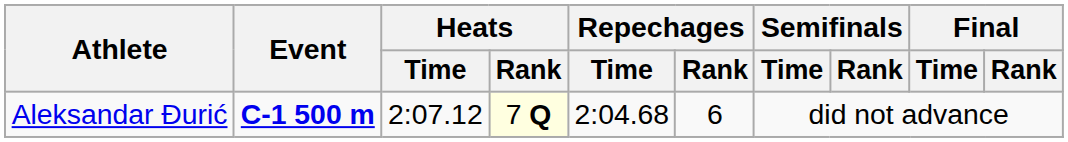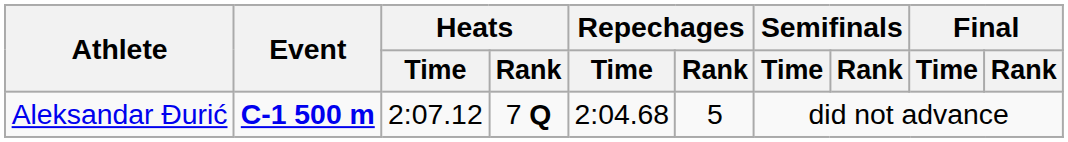 <table class="wikitable" style="font-size:90%">
 <tr>
 <th rowspan=2>Athlete</th>
 <th rowspan=2>Event</th>
 <th colspan=2>Heats</th>
 <th colspan=2>Repechages</th>
 <th colspan=2>Semifinals</th>
 <th colspan=2>Final</th>
 </tr>
 <tr style="font-size:95%">
 <th>Time</th>
 <th>Rank</th>
 <th>Time</th>
 <th>Rank</th>
 <th>Time</th>
 <th>Rank</th>
 <th>Time</th>
 <th>Rank</th>
 </tr>
 <tr align=center>
 <td align=left><a href='#'>Aleksandar Đurić</a></td>
 <td align=left><strong><a href='#'>C-1 500 m</a></strong></td>
 <td>2:07.12</td>
-<td style="background: lightyellow;">7 <strong>Q</strong></td>
+<td>7 <strong>Q</strong></td>
 <td>2:04.68</td>
-<td>6</td>
+<td>5</td>
 <td colspan=4>did not advance</td>
 </tr>
 </table>
